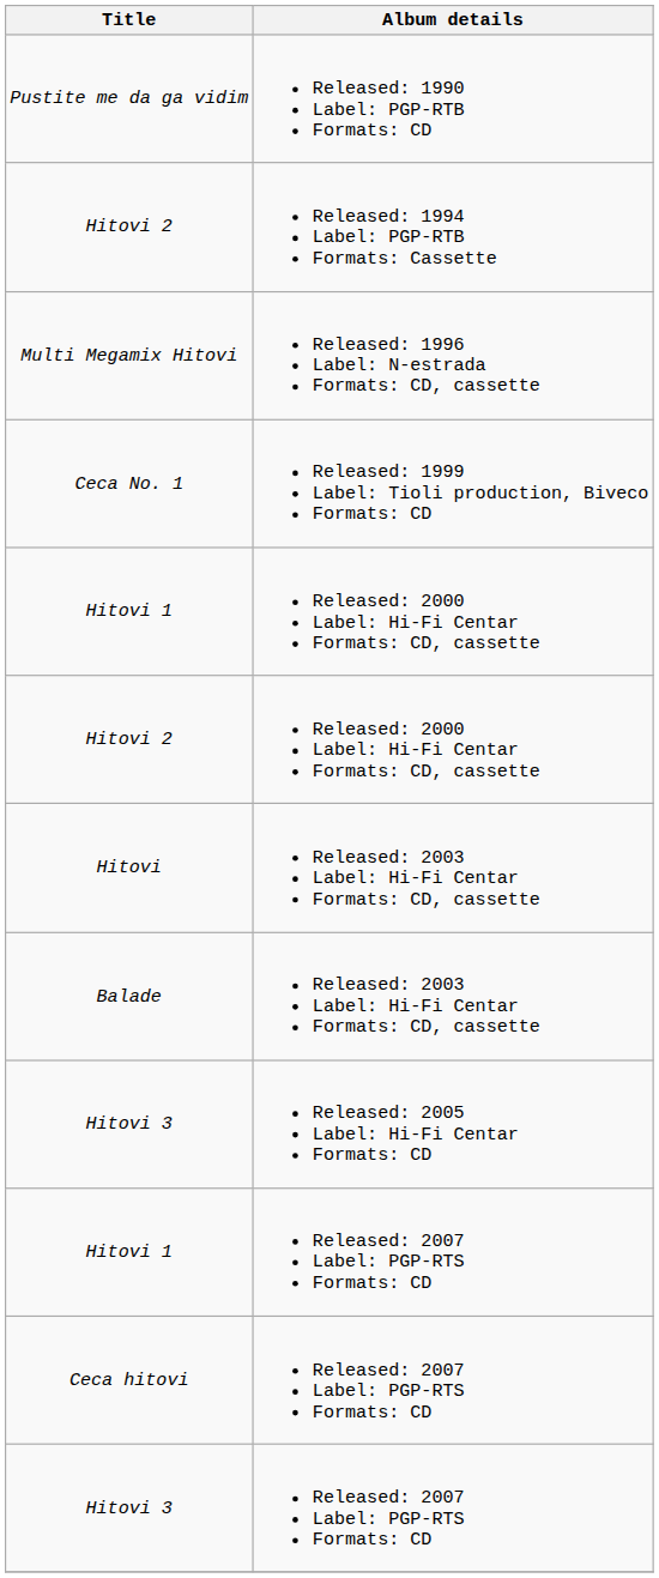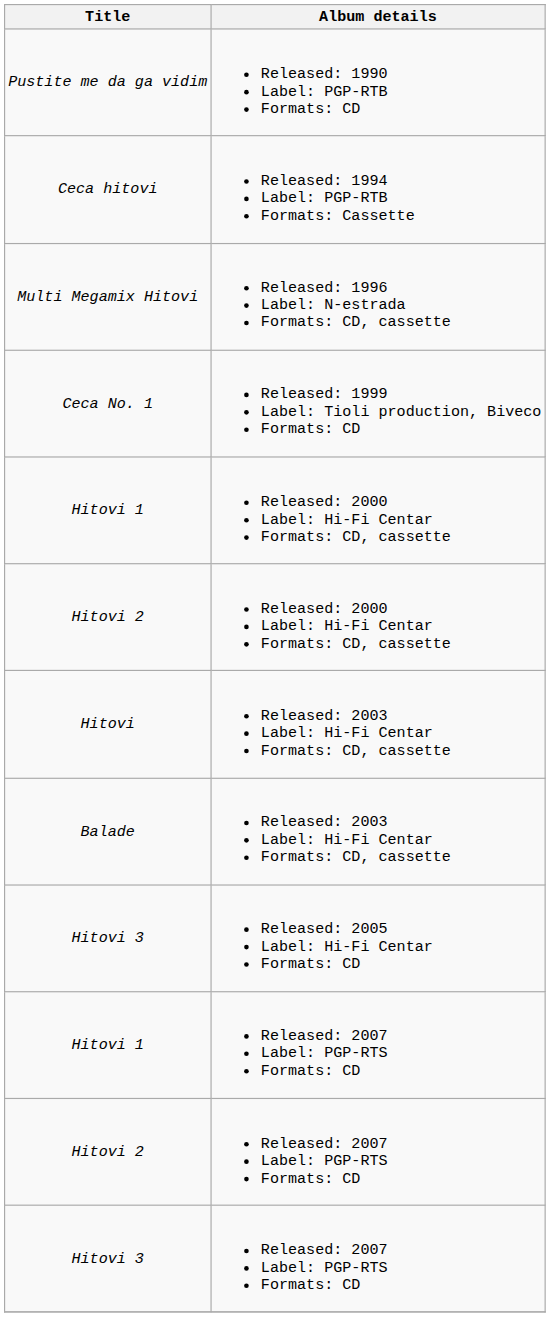 <table class="wikitable" style=text-align:center;>
 <tr>
 <th scope="col">Title</th>
 <th scope="col">Album details</th>
 </tr>
 <tr>
 <td><em>Pustite me da ga vidim</em></td>
 <td align=left><br><ul><li>Released: 1990</li><li>Label: PGP-RTB</li><li>Formats: CD</li></ul></td>
 </tr>
 <tr>
-<td><em>Hitovi 2</em></td>
+<td><em>Ceca hitovi</em></td>
 <td align=left><br><ul><li>Released: 1994</li><li>Label: PGP-RTB</li><li>Formats: Cassette</li></ul></td>
 </tr>
 <tr>
 <td><em>Multi Megamix Hitovi</em></td>
 <td align=left><br><ul><li>Released: 1996</li><li>Label: N-estrada</li><li>Formats: CD, cassette</li></ul></td>
 </tr>
 <tr>
 <td><em>Ceca No. 1</em></td>
 <td align=left><br><ul><li>Released: 1999</li><li>Label: Tioli production, Biveco</li><li>Formats: CD</li></ul></td>
 </tr>
 <tr>
 <td><em>Hitovi 1</em></td>
 <td align=left><br><ul><li>Released: 2000</li><li>Label: Hi-Fi Centar</li><li>Formats: CD, cassette</li></ul></td>
 </tr>
 <tr>
 <td><em>Hitovi 2</em></td>
 <td align=left><br><ul><li>Released: 2000</li><li>Label: Hi-Fi Centar</li><li>Formats: CD, cassette</li></ul></td>
 </tr>
 <tr>
 <td><em>Hitovi</em></td>
 <td align=left><br><ul><li>Released: 2003</li><li>Label: Hi-Fi Centar</li><li>Formats: CD, cassette</li></ul></td>
 </tr>
 <tr>
 <td><em>Balade</em></td>
 <td align=left><br><ul><li>Released: 2003</li><li>Label: Hi-Fi Centar</li><li>Formats: CD, cassette</li></ul></td>
 </tr>
 <tr>
 <td><em>Hitovi 3</em></td>
 <td align=left><br><ul><li>Released: 2005</li><li>Label: Hi-Fi Centar</li><li>Formats: CD</li></ul></td>
 </tr>
 <tr>
 <td><em>Hitovi 1</em></td>
 <td align=left><br><ul><li>Released: 2007</li><li>Label: PGP-RTS</li><li>Formats: CD</li></ul></td>
 </tr>
 <tr>
-<td><em>Ceca hitovi</em></td>
+<td><em>Hitovi 2</em></td>
 <td align=left><br><ul><li>Released: 2007</li><li>Label: PGP-RTS</li><li>Formats: CD</li></ul></td>
 </tr>
 <tr>
 <td><em>Hitovi 3</em></td>
 <td align=left><br><ul><li>Released: 2007</li><li>Label: PGP-RTS</li><li>Formats: CD</li></ul></td>
 </tr>
 <tr>
 </tr>
 </table>
